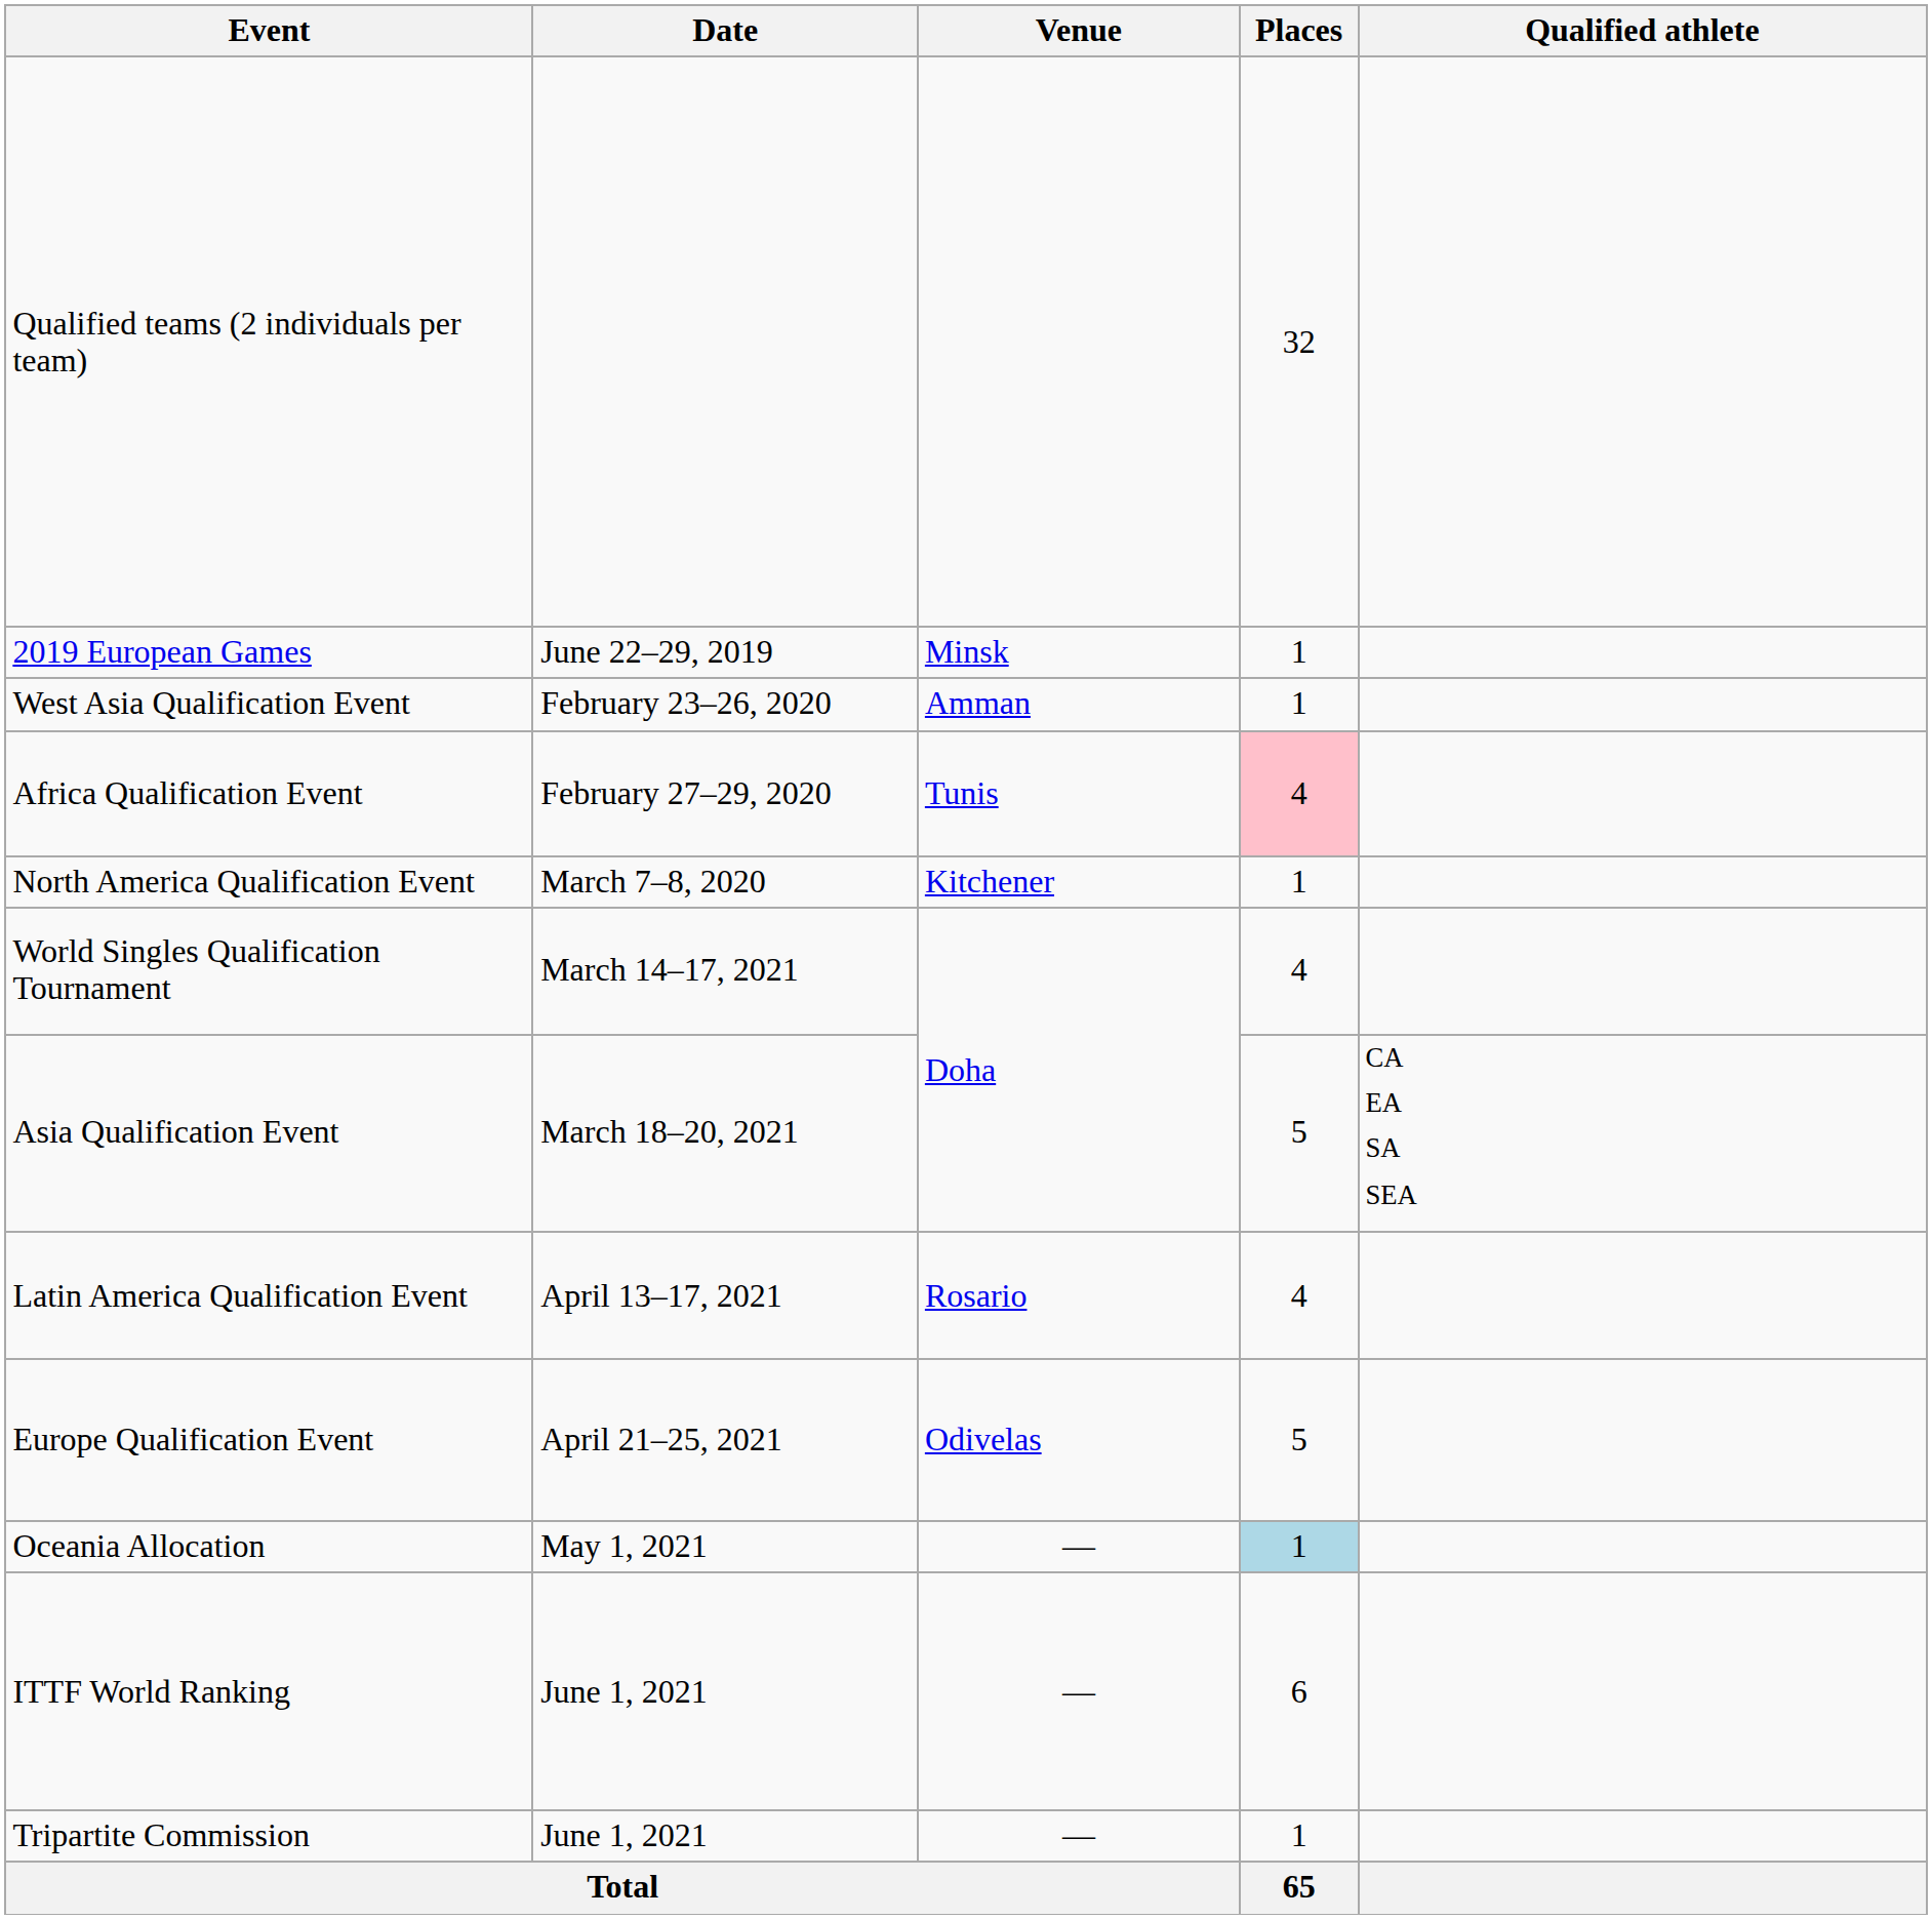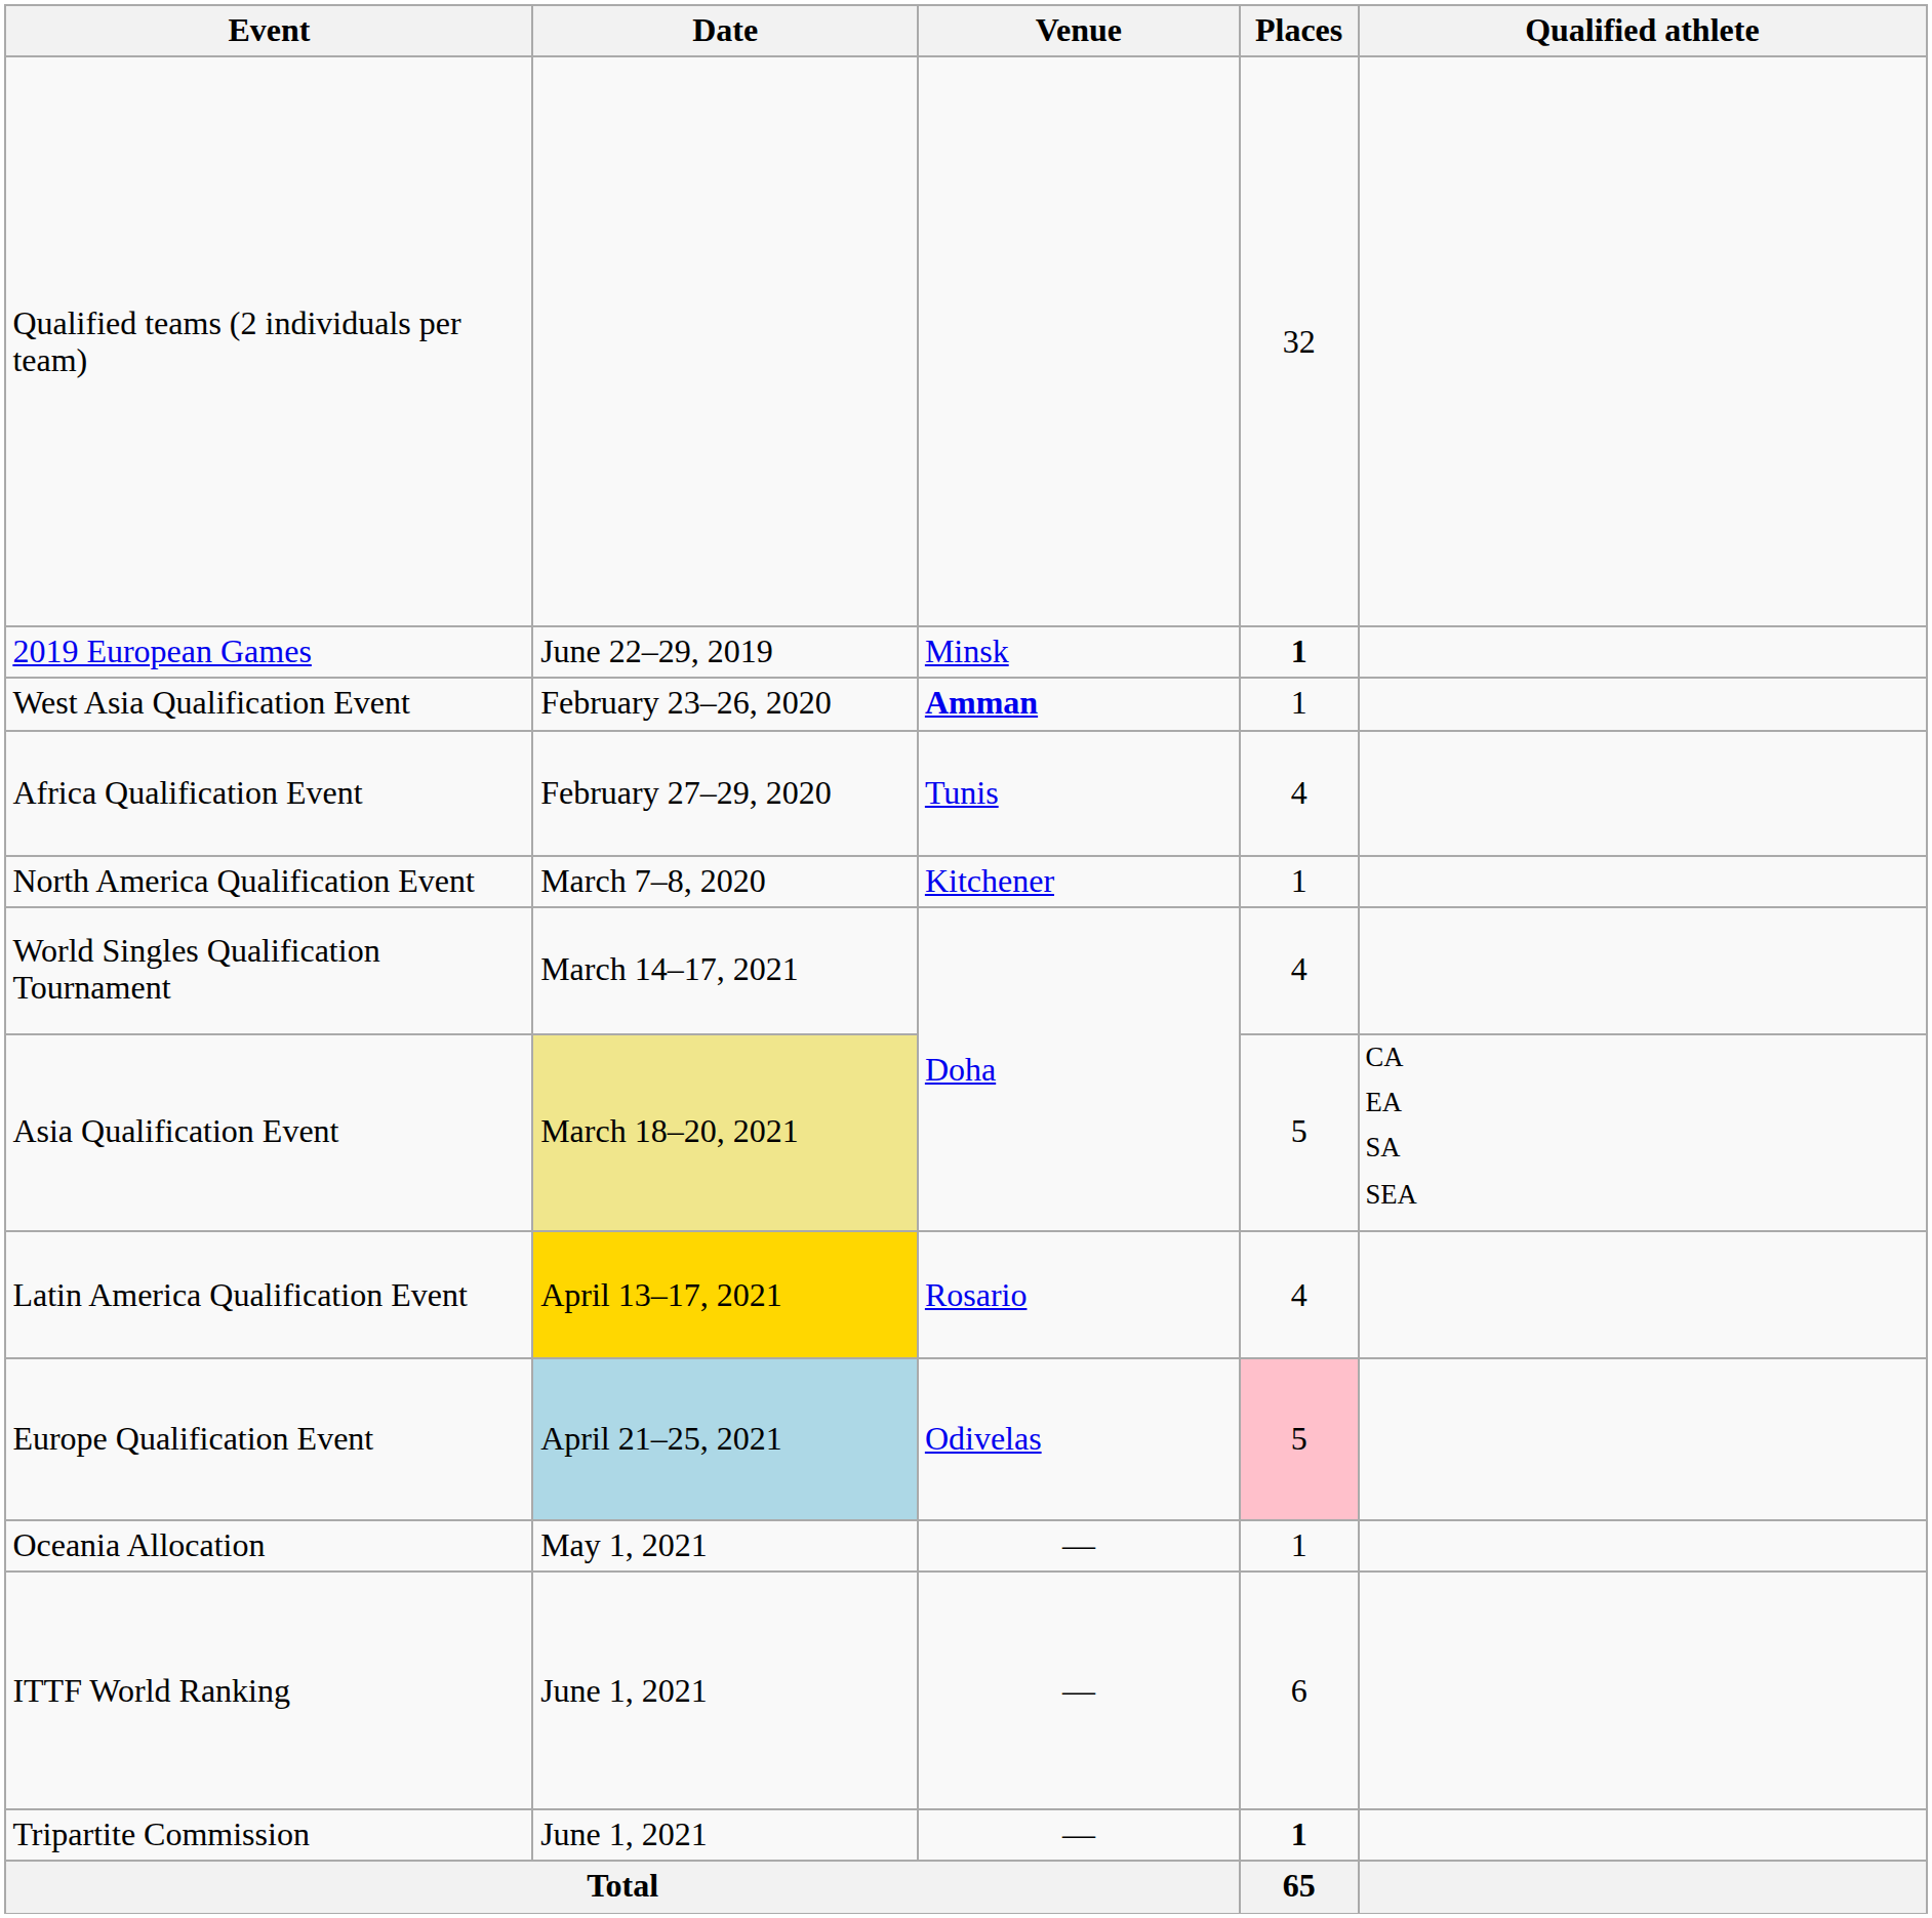 <table class="wikitable" style="text-align:left; font-size:100%">
 <tr>
 <th width=250>Event</th>
 <th width=180>Date</th>
 <th width=150>Venue</th>
 <th width=50>Places</th>
 <th width=270>Qualified athlete</th>
 </tr>
 <tr>
 <td>Qualified teams (2 individuals per team)</td>
 <td></td>
 <td></td>
 <td align=center>32</td>
 <td><br><br><br><br><br><br><br><br><br><br><br><br><br><br><br></td>
 </tr>
 <tr>
 <td><a href='#'>2019 European Games</a></td>
 <td>June 22–29, 2019</td>
 <td> <a href='#'>Minsk</a></td>
-<td align=center>1</td>
+<td align=center><strong>1</strong></td>
 <td></td>
 </tr>
 <tr>
 <td>West Asia Qualification Event</td>
 <td>February 23–26, 2020</td>
-<td> <a href='#'>Amman</a></td>
+<td><strong> <a href='#'>Amman</a></strong></td>
 <td align=center>1</td>
 <td></td>
 </tr>
 <tr>
 <td>Africa Qualification Event</td>
 <td>February 27–29, 2020</td>
 <td> <a href='#'>Tunis</a></td>
-<td align=center style="background: pink;">4</td>
+<td align=center>4</td>
 <td><br><br><br></td>
 </tr>
 <tr>
 <td>North America Qualification Event</td>
 <td>March 7–8, 2020</td>
 <td> <a href='#'>Kitchener</a></td>
 <td align=center>1</td>
 <td></td>
 </tr>
 <tr>
 <td>World Singles Qualification Tournament</td>
 <td>March 14–17, 2021</td>
 <td rowspan=2> <a href='#'>Doha</a></td>
 <td align=center>4</td>
 <td><br><br><br></td>
 </tr>
 <tr>
 <td>Asia Qualification Event</td>
-<td>March 18–20, 2021</td>
+<td style="background: khaki;">March 18–20, 2021</td>
 <td align=center>5</td>
 <td><sup>CA</sup><br><sup>EA</sup><br><sup>SA</sup><br><sup>SEA</sup><br></td>
 </tr>
 <tr>
 <td>Latin America Qualification Event</td>
-<td>April 13–17, 2021</td>
+<td style="background: gold;">April 13–17, 2021</td>
 <td> <a href='#'>Rosario</a></td>
 <td align=center>4</td>
 <td><br><br><br></td>
 </tr>
 <tr>
 <td>Europe Qualification Event</td>
-<td>April 21–25, 2021</td>
+<td style="background: lightblue;">April 21–25, 2021</td>
 <td> <a href='#'>Odivelas</a></td>
-<td align=center>5</td>
+<td align=center style="background: pink;">5</td>
 <td><br><br><br><br></td>
 </tr>
 <tr>
 <td>Oceania Allocation</td>
 <td>May 1, 2021</td>
 <td align=center>—</td>
-<td align=center style="background: lightblue;">1</td>
+<td align=center>1</td>
 <td></td>
 </tr>
 <tr>
 <td>ITTF World Ranking</td>
 <td>June 1, 2021</td>
 <td align=center>—</td>
 <td align=center>6</td>
 <td><br><br><br><s></s><br><br><br></td>
 </tr>
 <tr>
 <td>Tripartite Commission</td>
 <td>June 1, 2021</td>
 <td align=center>—</td>
-<td align=center>1</td>
+<td align=center><strong>1</strong></td>
 <td></td>
 </tr>
 <tr>
 <th colspan=3>Total</th>
 <th>65</th>
 <th></th>
 </tr>
 </table>
